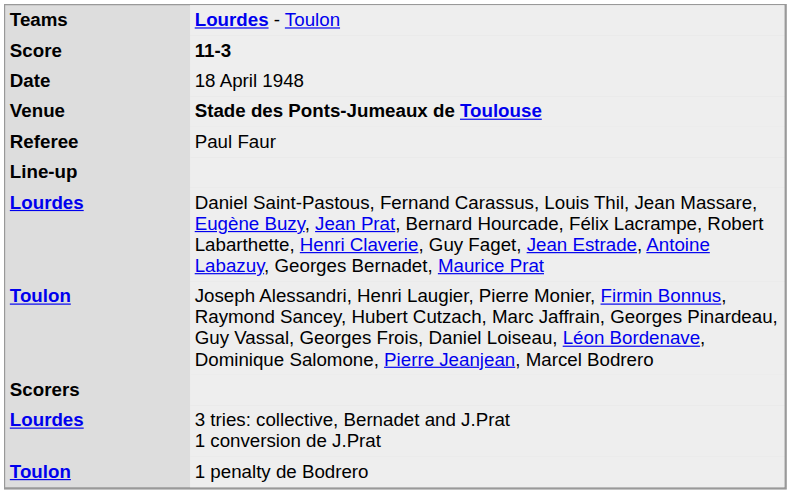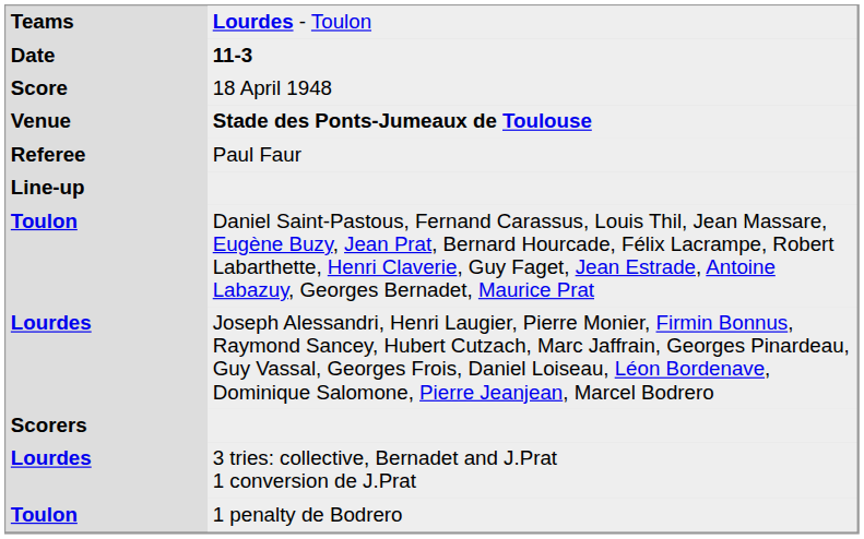 <table align="left" cellpadding="4" cellspacing="0"  style="margin: 0 0 0 0; border: 1px solid #999; border-right-width: 2px; border-bottom-width: 2px; background-color: #DDDDDD">
 <tr>
 <td width="150" valign="top"><strong>Teams</strong></td>
 <td width="500" bgcolor=#EEEEEE><strong><a href='#'>Lourdes</a></strong> - <a href='#'>Toulon</a></td>
 </tr>
 <tr>
-<td valign="top"><strong>Score</strong></td>
+<td valign="top"><strong>Date</strong></td>
 <td bgcolor=#EEEEEE><strong>11-3</strong></td>
 </tr>
 <tr>
-<td valign="top"><strong>Date</strong></td>
+<td valign="top"><strong>Score</strong></td>
 <td bgcolor=#EEEEEE>18 April 1948</td>
 </tr>
 <tr>
 <td valign="top"><strong>Venue</strong></td>
 <td bgcolor=#EEEEEE><strong>Stade des Ponts-Jumeaux de <a href='#'>Toulouse</a></strong></td>
 </tr>
 <tr>
 <td valign="top"><strong>Referee</strong></td>
 <td bgcolor=#EEEEEE>Paul Faur</td>
 </tr>
 <tr>
 <td valign="top"><strong>Line-up</strong></td>
 <td bgcolor=#EEEEEE></td>
 </tr>
 <tr>
-<td valign="top"><strong><a href='#'>Lourdes</a> </strong></td>
+<td valign="top"><strong><a href='#'>Toulon</a></strong></td>
 <td bgcolor=#EEEEEE>Daniel Saint-Pastous, Fernand Carassus, Louis Thil, Jean Massare, <a href='#'>Eugène Buzy</a>, <a href='#'>Jean Prat</a>, Bernard Hourcade, Félix Lacrampe, Robert Labarthette, <a href='#'>Henri Claverie</a>, Guy Faget, <a href='#'>Jean Estrade</a>, <a href='#'>Antoine Labazuy</a>, Georges Bernadet, <a href='#'>Maurice Prat</a></td>
 </tr>
 <tr>
-<td valign="top"><strong><a href='#'>Toulon</a></strong></td>
+<td valign="top"><strong><a href='#'>Lourdes</a> </strong></td>
 <td bgcolor=#EEEEEE>Joseph Alessandri, Henri Laugier, Pierre Monier, <a href='#'>Firmin Bonnus</a>, Raymond Sancey, Hubert Cutzach, Marc Jaffrain, Georges Pinardeau, Guy Vassal, Georges Frois, Daniel Loiseau, <a href='#'>Léon Bordenave</a>, Dominique Salomone, <a href='#'>Pierre Jeanjean</a>, Marcel Bodrero</td>
 </tr>
 <tr>
 <td valign="top"><strong>Scorers</strong></td>
 <td bgcolor=#EEEEEE></td>
 </tr>
 <tr>
 <td valign="top"><strong><a href='#'>Lourdes</a> </strong></td>
 <td bgcolor=#EEEEEE>3 tries: collective, Bernadet and J.Prat<br>1 conversion de J.Prat</td>
 </tr>
 <tr>
 <td valign="top"><strong><a href='#'>Toulon</a></strong></td>
 <td bgcolor=#EEEEEE>1 penalty de Bodrero</td>
 </tr>
 </table>
